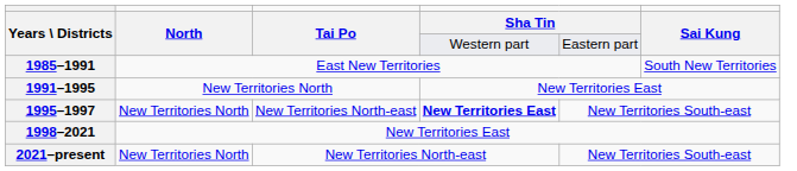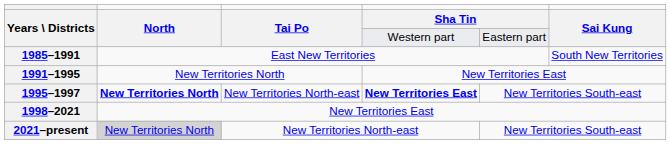 <table class="wikitable" style="text-align:center">
 <tr>
 <th></th>
 <td></td>
 <td></td>
 <td colspan="2"></td>
 <td></td>
 </tr>
 <tr>
 <th rowspan="2">Years \ Districts</th>
 <th rowspan=2><a href='#'>North</a></th>
 <th rowspan=2><a href='#'>Tai Po</a></th>
 <th colspan="2"><a href='#'>Sha Tin</a></th>
 <th rowspan=2><a href='#'>Sai Kung</a></th>
 </tr>
 <tr>
 <td bgcolor="#EBECF0">Western part</td>
 <td bgcolor="#EBECF0">Eastern part</td>
 </tr>
 <tr>
 <th><a href='#'>1985</a>–1991</th>
 <td colspan="4"><a href='#'>East New Territories</a></td>
 <td><a href='#'>South New Territories</a></td>
 </tr>
 <tr>
 <th><a href='#'>1991</a>–1995</th>
 <td colspan="2"><a href='#'>New Territories North</a></td>
 <td colspan="3"><a href='#'>New Territories East</a></td>
 </tr>
 <tr>
 <th><a href='#'>1995</a>–1997</th>
-<td><a href='#'>New Territories North</a></td>
+<td><strong><a href='#'>New Territories North</a></strong></td>
 <td><a href='#'>New Territories North-east</a></td>
 <td><strong><a href='#'>New Territories East</a></strong></td>
 <td colspan="2"><a href='#'>New Territories South-east</a></td>
 </tr>
 <tr>
 <th><a href='#'>1998</a>–2021</th>
 <td colspan="5"><a href='#'>New Territories East</a></td>
 </tr>
 <tr>
 <th><a href='#'>2021</a>–present</th>
-<td><a href='#'>New Territories North</a></td>
+<td style="background: lightgrey;"><a href='#'>New Territories North</a></td>
 <td colspan="2"><a href='#'>New Territories North-east</a></td>
 <td colspan="2"><a href='#'>New Territories South-east</a></td>
 </tr>
 </table>
